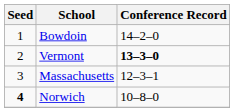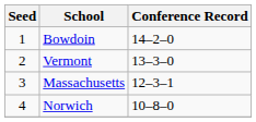 <table class="wikitable">
 <tr>
 <th>Seed</th>
 <th>School</th>
 <th>Conference Record</th>
 </tr>
 <tr>
 <td align=center>1</td>
 <td><a href='#'>Bowdoin</a></td>
 <td>14–2–0</td>
 </tr>
 <tr>
 <td align=center>2</td>
 <td><a href='#'>Vermont</a></td>
-<td><strong>13–3–0</strong></td>
+<td>13–3–0</td>
 </tr>
 <tr>
 <td align=center>3</td>
 <td><a href='#'>Massachusetts</a></td>
 <td>12–3–1</td>
 </tr>
 <tr>
-<td align=center><strong>4</strong></td>
+<td align=center>4</td>
 <td><a href='#'>Norwich</a></td>
 <td>10–8–0</td>
 </tr>
 <tr>
 </tr>
 </table>
